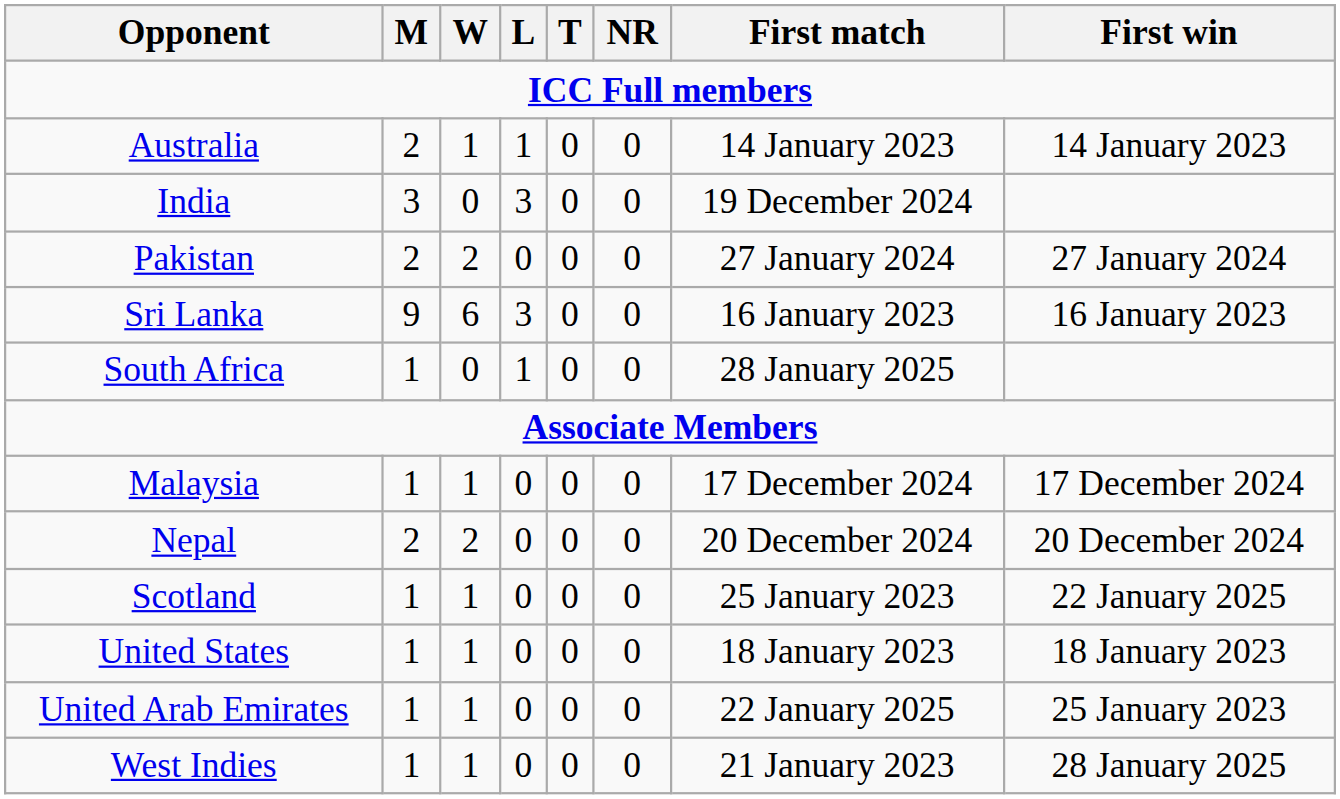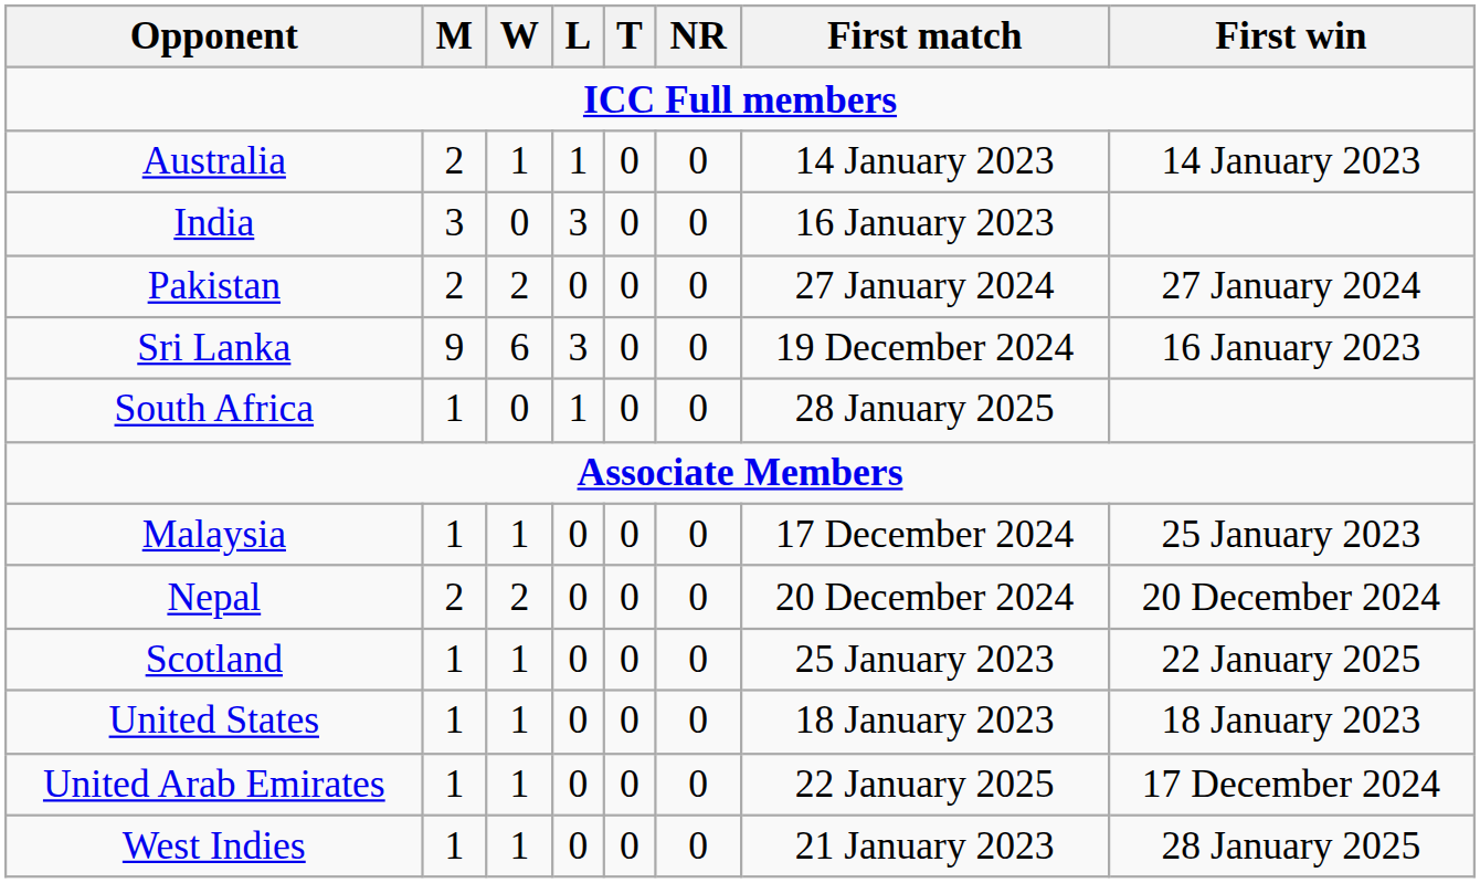 <table class="wikitable" style="text-align: center; width: 600px">
 <tr>
 <th>Opponent</th>
 <th>M</th>
 <th>W</th>
 <th>L</th>
 <th>T</th>
 <th>NR</th>
 <th>First match</th>
 <th>First win</th>
 </tr>
 <tr>
 <td colspan="9" style="text-align: center;"><strong><a href='#'>ICC Full members</a></strong></td>
 </tr>
 <tr>
 <td> <a href='#'>Australia</a></td>
 <td>2</td>
 <td>1</td>
 <td>1</td>
 <td>0</td>
 <td>0</td>
 <td>14 January 2023</td>
 <td>14 January 2023</td>
 </tr>
 <tr>
 <td> <a href='#'>India</a></td>
 <td>3</td>
 <td>0</td>
 <td>3</td>
 <td>0</td>
 <td>0</td>
-<td>19 December 2024</td>
+<td>16 January 2023</td>
 <td></td>
 </tr>
 <tr>
 <td> <a href='#'>Pakistan</a></td>
 <td>2</td>
 <td>2</td>
 <td>0</td>
 <td>0</td>
 <td>0</td>
 <td>27 January 2024</td>
 <td>27 January 2024</td>
 </tr>
 <tr>
 <td> <a href='#'>Sri Lanka</a></td>
 <td>9</td>
 <td>6</td>
 <td>3</td>
 <td>0</td>
 <td>0</td>
-<td>16 January 2023</td>
+<td>19 December 2024</td>
 <td>16 January 2023</td>
 </tr>
 <tr>
 <td> <a href='#'>South Africa</a></td>
 <td>1</td>
 <td>0</td>
 <td>1</td>
 <td>0</td>
 <td>0</td>
 <td>28 January 2025</td>
 <td></td>
 </tr>
 <tr>
 <td colspan="9"><a href='#'><strong>Associate Members</strong></a></td>
 </tr>
 <tr>
 <td> <a href='#'>Malaysia</a></td>
 <td>1</td>
 <td>1</td>
 <td>0</td>
 <td>0</td>
 <td>0</td>
 <td>17 December 2024</td>
-<td>17 December 2024</td>
+<td>25 January 2023</td>
 </tr>
 <tr>
 <td> <a href='#'>Nepal</a></td>
 <td>2</td>
 <td>2</td>
 <td>0</td>
 <td>0</td>
 <td>0</td>
 <td>20 December 2024</td>
 <td>20 December 2024</td>
 </tr>
 <tr>
 <td> <a href='#'>Scotland</a></td>
 <td>1</td>
 <td>1</td>
 <td>0</td>
 <td>0</td>
 <td>0</td>
 <td>25 January 2023</td>
 <td>22 January 2025</td>
 </tr>
 <tr>
 <td> <a href='#'>United States</a></td>
 <td>1</td>
 <td>1</td>
 <td>0</td>
 <td>0</td>
 <td>0</td>
 <td>18 January 2023</td>
 <td>18 January 2023</td>
 </tr>
 <tr>
 <td> <a href='#'>United Arab Emirates</a></td>
 <td>1</td>
 <td>1</td>
 <td>0</td>
 <td>0</td>
 <td>0</td>
 <td>22 January 2025</td>
-<td>25 January 2023</td>
+<td>17 December 2024</td>
 </tr>
 <tr>
 <td> <a href='#'>West Indies</a></td>
 <td>1</td>
 <td>1</td>
 <td>0</td>
 <td>0</td>
 <td>0</td>
 <td>21 January 2023</td>
 <td>28 January 2025</td>
 </tr>
 </table>
